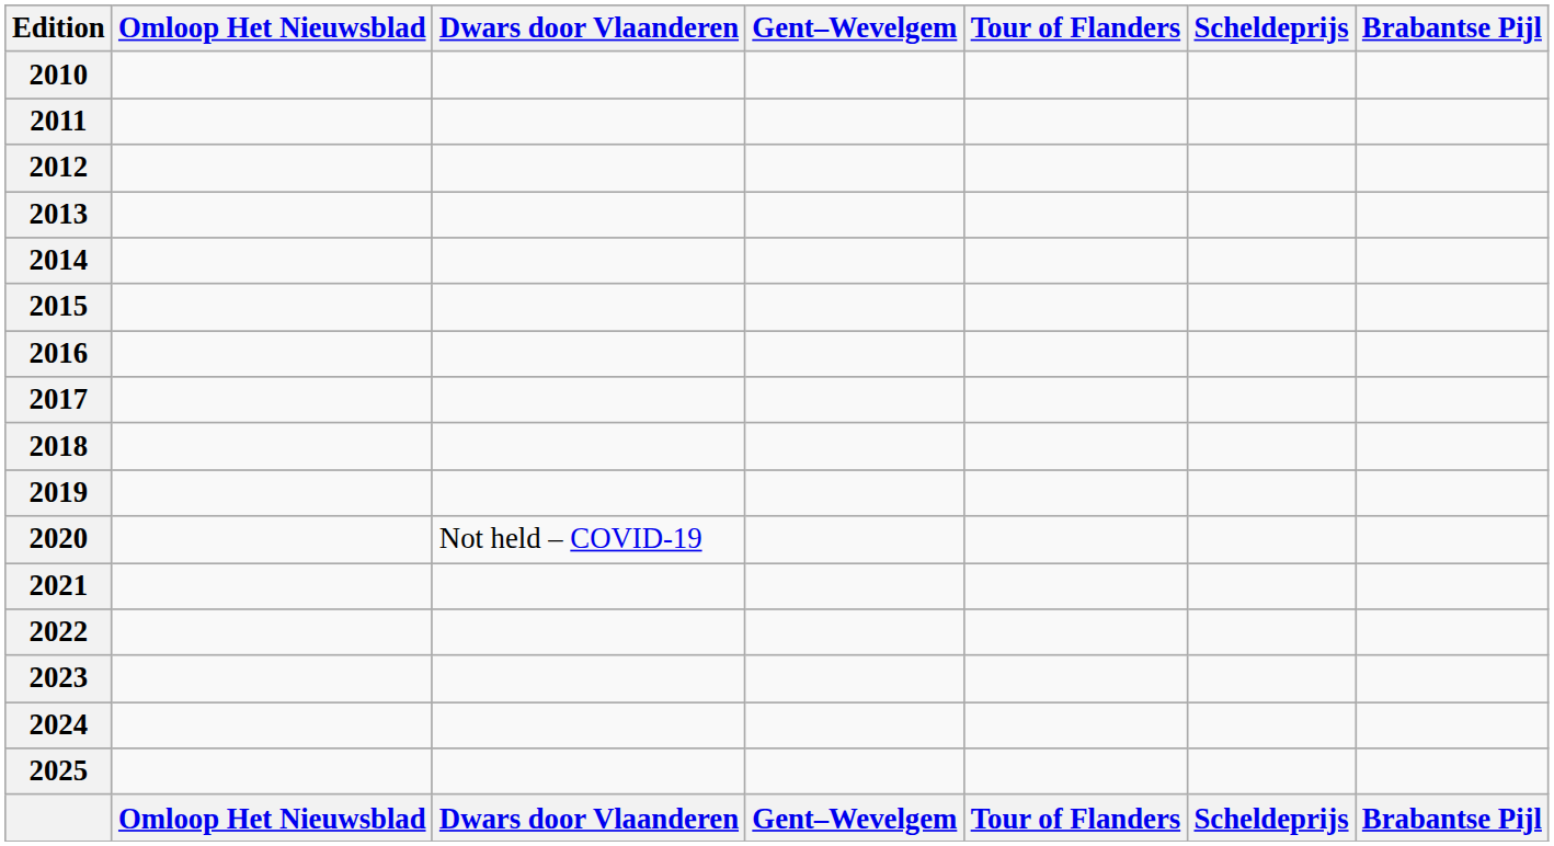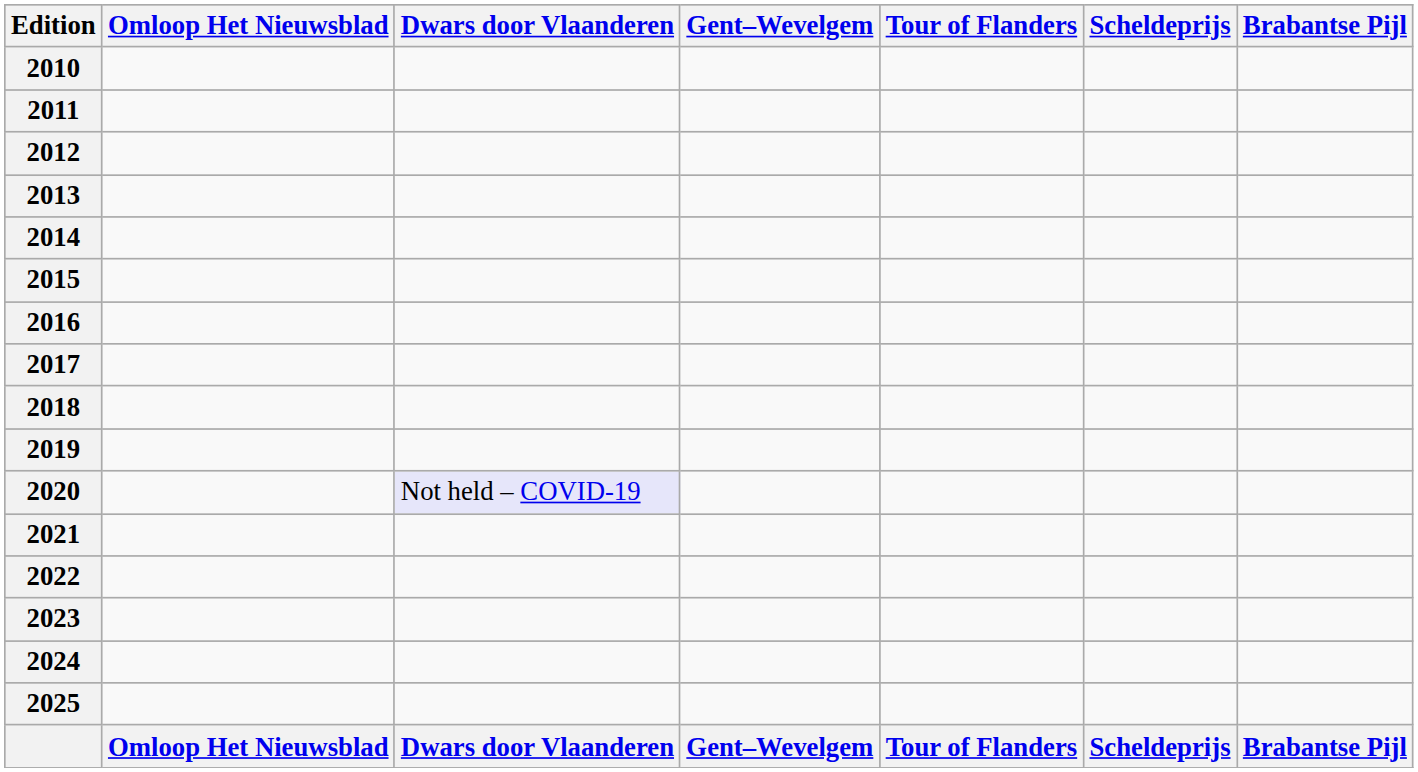 <table class="wikitable">
 <tr>
 <th>Edition</th>
 <th><a href='#'>Omloop Het Nieuwsblad</a></th>
 <th><a href='#'>Dwars door Vlaanderen</a></th>
 <th><a href='#'>Gent–Wevelgem</a></th>
 <th><a href='#'>Tour of Flanders</a></th>
 <th><a href='#'>Scheldeprijs</a></th>
 <th><a href='#'>Brabantse Pijl</a></th>
 </tr>
 <tr>
 <th>2010</th>
 <td></td>
 <td></td>
 <td></td>
 <td></td>
 <td></td>
 <td></td>
 </tr>
 <tr>
 <th>2011</th>
 <td></td>
 <td></td>
 <td></td>
 <td></td>
 <td></td>
 <td></td>
 </tr>
 <tr>
 <th>2012</th>
 <td></td>
 <td></td>
 <td></td>
 <td></td>
 <td></td>
 <td></td>
 </tr>
 <tr>
 <th>2013</th>
 <td></td>
 <td></td>
 <td></td>
 <td></td>
 <td></td>
 <td></td>
 </tr>
 <tr>
 <th>2014</th>
 <td></td>
 <td></td>
 <td></td>
 <td></td>
 <td></td>
 <td></td>
 </tr>
 <tr>
 <th>2015</th>
 <td></td>
 <td></td>
 <td></td>
 <td></td>
 <td></td>
 <td></td>
 </tr>
 <tr>
 <th>2016</th>
 <td></td>
 <td></td>
 <td></td>
 <td></td>
 <td></td>
 <td></td>
 </tr>
 <tr>
 <th>2017</th>
 <td></td>
 <td></td>
 <td></td>
 <td></td>
 <td></td>
 <td></td>
 </tr>
 <tr>
 <th>2018</th>
 <td></td>
 <td></td>
 <td></td>
 <td></td>
 <td></td>
 <td></td>
 </tr>
 <tr>
 <th>2019</th>
 <td></td>
 <td></td>
 <td></td>
 <td></td>
 <td></td>
 <td></td>
 </tr>
 <tr>
 <th>2020</th>
 <td></td>
-<td>Not held – <a href='#'>COVID-19</a></td>
+<td style="background: lavender;">Not held – <a href='#'>COVID-19</a></td>
 <td></td>
 <td></td>
 <td></td>
 <td></td>
 </tr>
 <tr>
 <th>2021</th>
 <td></td>
 <td></td>
 <td></td>
 <td></td>
 <td></td>
 <td></td>
 </tr>
 <tr>
 <th>2022</th>
 <td></td>
 <td></td>
 <td></td>
 <td></td>
 <td></td>
 <td></td>
 </tr>
 <tr>
 <th>2023</th>
 <td></td>
 <td></td>
 <td></td>
 <td></td>
 <td></td>
 <td></td>
 </tr>
 <tr>
 <th>2024</th>
 <td></td>
 <td></td>
 <td></td>
 <td></td>
 <td></td>
 <td></td>
 </tr>
 <tr>
 <th>2025</th>
 <td></td>
 <td></td>
 <td></td>
 <td></td>
 <td></td>
 <td></td>
 </tr>
 <tr>
 <th></th>
 <th><a href='#'>Omloop Het Nieuwsblad</a></th>
 <th><a href='#'>Dwars door Vlaanderen</a></th>
 <th><a href='#'>Gent–Wevelgem</a></th>
 <th><a href='#'>Tour of Flanders</a></th>
 <th><a href='#'>Scheldeprijs</a></th>
 <th><a href='#'>Brabantse Pijl</a></th>
 </tr>
 <tr>
 </tr>
 </table>
